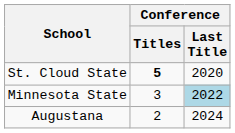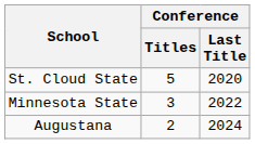 <table class="wikitable sortable" style="text-align:center">
 <tr>
 <th rowspan=2>School</th>
 <th colspan=2>Conference</th>
 </tr>
 <tr>
 <th>Titles</th>
 <th>Last<br>Title</th>
 </tr>
 <tr>
 <td>St. Cloud State</td>
-<td><strong>5</strong></td>
+<td>5</td>
 <td>2020</td>
 </tr>
 <tr>
 <td>Minnesota State</td>
 <td>3</td>
-<td style="background: lightblue;">2022</td>
+<td>2022</td>
 </tr>
 <tr>
 <td>Augustana</td>
 <td>2</td>
 <td>2024</td>
 </tr>
 </table>
